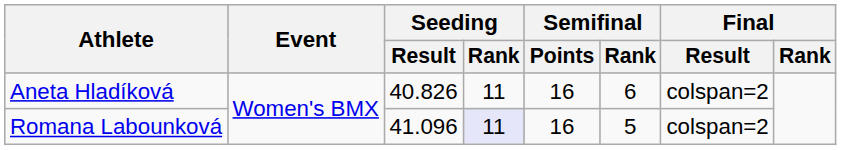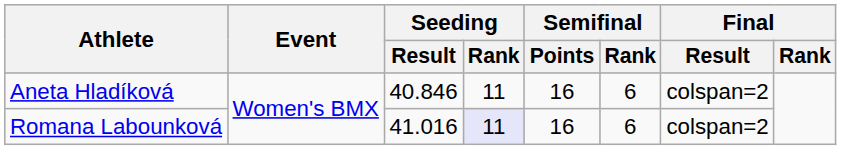 <table class="wikitable" style="font-size:90%">
 <tr>
 <th rowspan="2">Athlete</th>
 <th rowspan="2">Event</th>
 <th colspan="2">Seeding</th>
 <th colspan="2">Semifinal</th>
 <th colspan="2">Final</th>
 </tr>
 <tr style="font-size:95%">
 <th>Result</th>
 <th>Rank</th>
 <th>Points</th>
 <th>Rank</th>
 <th>Result</th>
 <th>Rank</th>
 </tr>
 <tr align=center>
 <td align=left><a href='#'>Aneta Hladíková</a></td>
 <td align=left rowspan=2><a href='#'>Women's BMX</a></td>
-<td>40.826</td>
+<td>40.846</td>
 <td>11</td>
 <td>16</td>
 <td>6</td>
 <td>colspan=2 </td>
 </tr>
 <tr align=center>
 <td align=left><a href='#'>Romana Labounková</a></td>
-<td>41.096</td>
+<td>41.016</td>
 <td style="background: lavender;">11</td>
 <td>16</td>
-<td>5</td>
+<td>6</td>
 <td>colspan=2 </td>
 </tr>
 </table>
